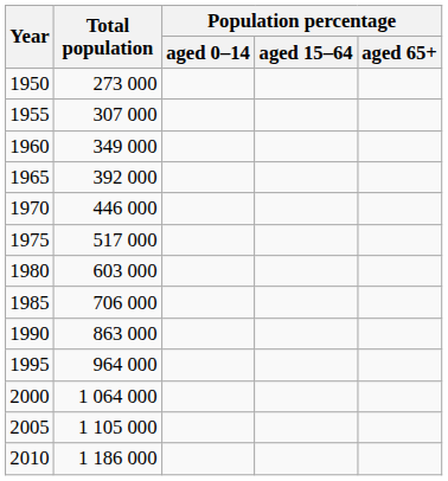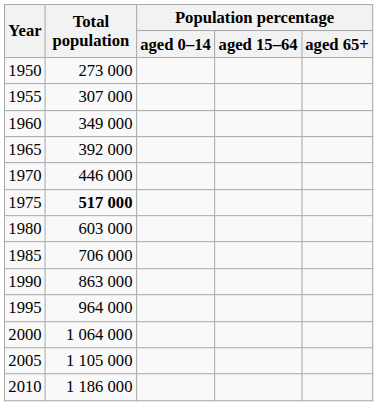 <table class="wikitable" style="text-align: right;">
 <tr>
 <th rowspan=2>Year</th>
 <th rowspan=2 width="80pt">Total population</th>
 <th colspan=3>Population percentage</th>
 </tr>
 <tr>
 <th>aged 0–14</th>
 <th>aged 15–64</th>
 <th>aged 65+</th>
 </tr>
 <tr>
 <td>1950</td>
 <td align=right>273 000</td>
 <td></td>
 <td></td>
 <td></td>
 </tr>
 <tr>
 <td>1955</td>
 <td align=right>307 000</td>
 <td></td>
 <td></td>
 <td></td>
 </tr>
 <tr>
 <td>1960</td>
 <td align=right>349 000</td>
 <td></td>
 <td></td>
 <td></td>
 </tr>
 <tr>
 <td>1965</td>
 <td align=right>392 000</td>
 <td></td>
 <td></td>
 <td></td>
 </tr>
 <tr>
 <td>1970</td>
 <td align=right>446 000</td>
 <td></td>
 <td></td>
 <td></td>
 </tr>
 <tr>
 <td>1975</td>
-<td align=right>517 000</td>
+<td align=right><strong>517 000</strong></td>
 <td></td>
 <td></td>
 <td></td>
 </tr>
 <tr>
 <td>1980</td>
 <td align=right>603 000</td>
 <td></td>
 <td></td>
 <td></td>
 </tr>
 <tr>
 <td>1985</td>
 <td align=right>706 000</td>
 <td></td>
 <td></td>
 <td></td>
 </tr>
 <tr>
 <td>1990</td>
 <td align=right>863 000</td>
 <td></td>
 <td></td>
 <td></td>
 </tr>
 <tr>
 <td>1995</td>
 <td align=right>964 000</td>
 <td></td>
 <td></td>
 <td></td>
 </tr>
 <tr>
 <td>2000</td>
 <td align=right>1 064 000</td>
 <td></td>
 <td></td>
 <td></td>
 </tr>
 <tr>
 <td>2005</td>
 <td align=right>1 105 000</td>
 <td></td>
 <td></td>
 <td></td>
 </tr>
 <tr>
 <td>2010</td>
 <td align=right>1 186 000</td>
 <td></td>
 <td></td>
 <td></td>
 </tr>
 </table>
